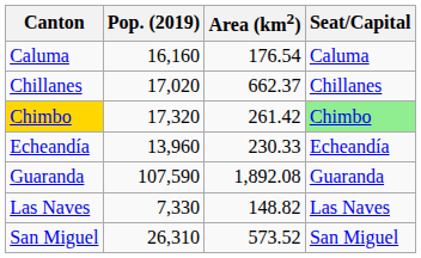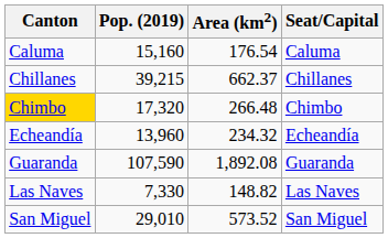 <table class="wikitable sortable">
 <tr>
 <th>Canton</th>
 <th>Pop. (2019)</th>
 <th>Area (km<sup>2</sup>)</th>
 <th>Seat/Capital</th>
 </tr>
 <tr>
 <td><a href='#'>Caluma</a></td>
-<td align=right>16,160</td>
+<td align=right>15,160</td>
 <td align="right">176.54</td>
 <td><a href='#'>Caluma</a></td>
 </tr>
 <tr>
 <td><a href='#'>Chillanes</a></td>
-<td align=right>17,020</td>
+<td align=right>39,215</td>
 <td align="right">662.37</td>
 <td><a href='#'>Chillanes</a></td>
 </tr>
 <tr>
 <td style="background: gold;"><a href='#'>Chimbo</a></td>
 <td align=right>17,320</td>
-<td align="right">261.42</td>
-<td style="background: lightgreen;"><a href='#'>Chimbo</a></td>
+<td align="right">266.48</td>
+<td><a href='#'>Chimbo</a></td>
 </tr>
 <tr>
 <td><a href='#'>Echeandía</a></td>
 <td align=right>13,960</td>
-<td align="right">230.33</td>
+<td align="right">234.32</td>
 <td><a href='#'>Echeandía</a></td>
 </tr>
 <tr>
 <td><a href='#'>Guaranda</a></td>
 <td align=right>107,590</td>
 <td align="right">1,892.08</td>
 <td><a href='#'>Guaranda</a></td>
 </tr>
 <tr>
 <td><a href='#'>Las Naves</a></td>
 <td align=right>7,330</td>
 <td align="right">148.82</td>
 <td><a href='#'>Las Naves</a></td>
 </tr>
 <tr>
 <td><a href='#'>San Miguel</a></td>
-<td align=right>26,310</td>
+<td align=right>29,010</td>
 <td align="right">573.52</td>
 <td><a href='#'>San Miguel</a></td>
 </tr>
 </table>
